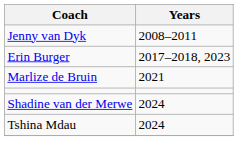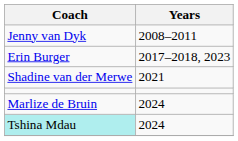 <table class="wikitable collapsible">
 <tr>
 <th>Coach</th>
 <th>Years</th>
 </tr>
 <tr>
 <td><a href='#'>Jenny van Dyk</a></td>
 <td>2008–2011</td>
 </tr>
 <tr>
 <td><a href='#'>Erin Burger</a></td>
 <td>2017–2018, 2023</td>
 </tr>
 <tr>
-<td><a href='#'>Marlize de Bruin</a></td>
+<td><a href='#'>Shadine van der Merwe</a></td>
 <td>2021</td>
 </tr>
 <tr>
 <td></td>
 <td></td>
 </tr>
 <tr>
-<td><a href='#'>Shadine van der Merwe</a></td>
+<td><a href='#'>Marlize de Bruin</a></td>
 <td>2024</td>
 </tr>
 <tr>
-<td>Tshina Mdau</td>
+<td style="background: paleturquoise;">Tshina Mdau</td>
 <td>2024</td>
 </tr>
 <tr>
 </tr>
 </table>
